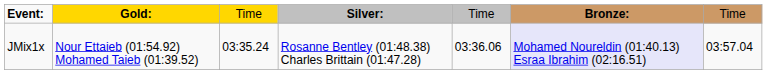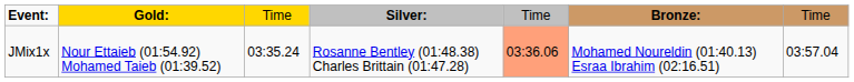 <table class="wikitable" width=80%>
 <tr>
 <td><strong>Event:</strong></td>
 <td style="text-align:center;background-color:gold;"><strong>Gold:</strong></td>
 <td style="text-align:center;background-color:gold;">Time</td>
 <td style="text-align:center;background-color:silver;"><strong>Silver:</strong></td>
 <td style="text-align:center;background-color:silver;">Time</td>
 <td style="text-align:center;background-color:#CC9966;"><strong>Bronze:</strong></td>
 <td style="text-align:center;background-color:#CC9966;">Time</td>
 </tr>
 <tr>
 <td>JMix1x</td>
 <td valign=top><br><a href='#'>Nour Ettaieb</a> (01:54.92)<br><a href='#'>Mohamed Taieb</a> (01:39.52)</td>
 <td>03:35.24</td>
 <td valign=top><br><a href='#'>Rosanne Bentley</a> (01:48.38)<br>Charles Brittain (01:47.28)</td>
-<td>03:36.06</td>
-<td valign=top style="background: lavender;"><br><a href='#'>Mohamed Noureldin</a> (01:40.13)<br><a href='#'>Esraa Ibrahim</a> (02:16.51)</td>
+<td style="background: lightsalmon;">03:36.06</td>
+<td valign=top><br><a href='#'>Mohamed Noureldin</a> (01:40.13)<br><a href='#'>Esraa Ibrahim</a> (02:16.51)</td>
 <td>03:57.04</td>
 </tr>
 </table>
